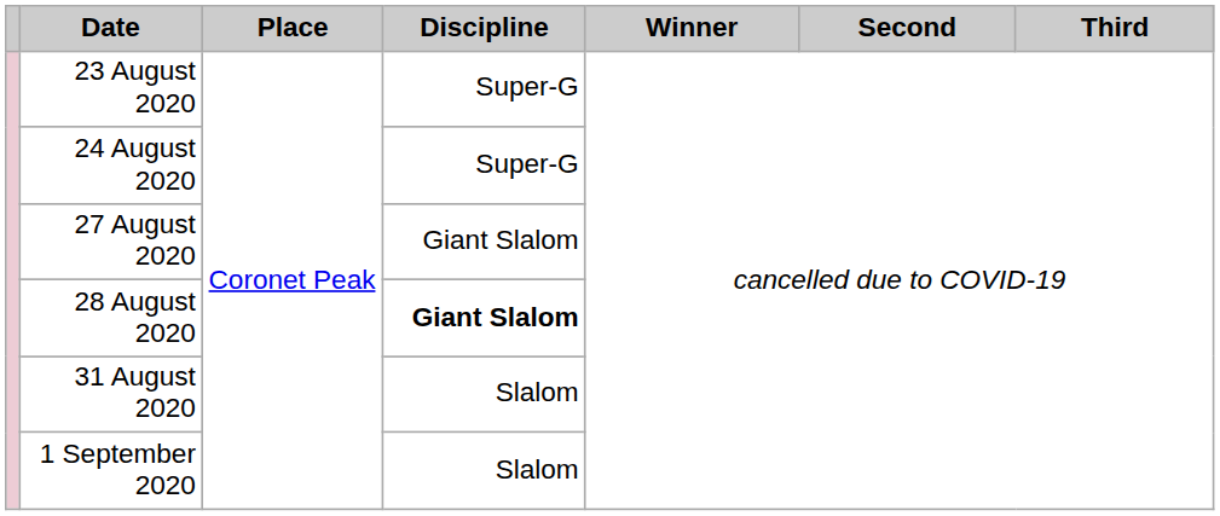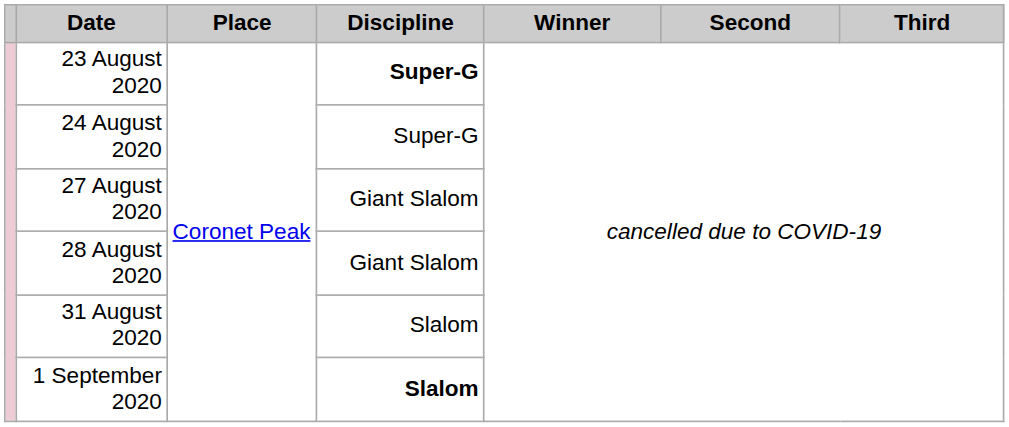 <table class="wikitable plainrowheaders" style="background:#fff; font-size:86%; line-height:16px; border:grey solid 1px; border-collapse:collapse;">
 <tr style="background:#ccc; text-align:center;">
 <th scope="col" style="background:#ccc; width=30 px;"></th>
 <th scope="col" style="background:#ccc; width:120px;">Date</th>
 <th scope="col" style="background:#ccc; width:150px;">Place</th>
 <th scope="col" style="background:#ccc; width:150px;">Discipline</th>
 <th scope="col" style="background:#ccc; width:200px;">Winner</th>
 <th scope="col" style="background:#ccc; width:200px;">Second</th>
 <th scope="col" style="background:#ccc; width:200px;">Third</th>
 </tr>
 <tr>
 <td rowspan=6 bgcolor="EDCCD5"></td>
 <td align=right>23 August 2020</td>
 <td rowspan=6> <a href='#'>Coronet Peak</a></td>
-<td align=right>Super-G</td>
+<td align=right><strong>Super-G</strong></td>
 <td rowspan=6 colspan=3 align=center><em>cancelled due to COVID-19</em></td>
 </tr>
 <tr>
 <td align=right>24 August 2020</td>
 <td align=right>Super-G</td>
 </tr>
 <tr>
 <td align=right>27 August 2020</td>
 <td align=right>Giant Slalom</td>
 </tr>
 <tr>
 <td align=right>28 August 2020</td>
-<td align=right><strong>Giant Slalom</strong></td>
+<td align=right>Giant Slalom</td>
 </tr>
 <tr>
 <td align=right>31 August 2020</td>
 <td align=right>Slalom</td>
 </tr>
 <tr>
 <td align=right>1 September 2020</td>
-<td align=right>Slalom</td>
+<td align=right><strong>Slalom</strong></td>
 </tr>
 </table>
